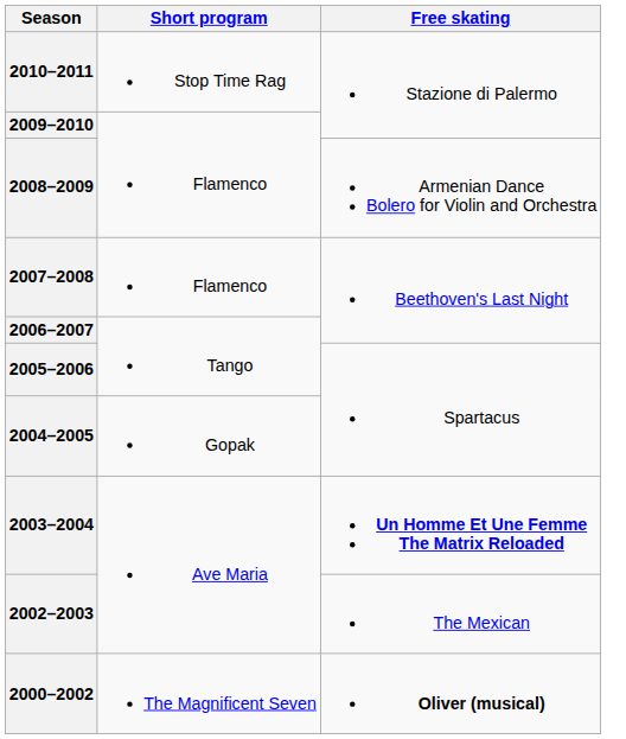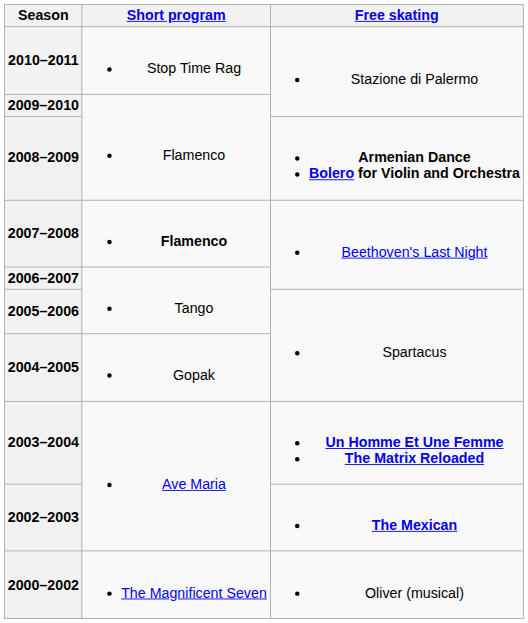 <table class=wikitable style=text-align:center>
 <tr>
 <th>Season</th>
 <th><a href='#'>Short program</a></th>
 <th><a href='#'>Free skating</a></th>
 </tr>
 <tr>
 <th>2010–2011 <br> </th>
 <td><br><ul><li>Stop Time Rag</li></ul></td>
 <td rowspan="2"><br><ul><li>Stazione di Palermo <br></li></ul></td>
 </tr>
 <tr>
 <th>2009–2010 <br> </th>
 <td rowspan="2"><br><ul><li>Flamenco <br></li></ul></td>
 </tr>
 <tr>
 <th>2008–2009 <br> </th>
-<td><br><ul><li>Armenian Dance</li><li><a href='#'>Bolero</a> for Violin and Orchestra <br></li></ul></td>
+<td><strong><br><ul><li>Armenian Dance</li><li><a href='#'>Bolero</a> for Violin and Orchestra <br></li></ul></strong></td>
 </tr>
 <tr>
 <th>2007–2008 <br> </th>
-<td><br><ul><li>Flamenco</li></ul></td>
+<td><strong><br><ul><li>Flamenco</li></ul></strong></td>
 <td rowspan="2"><br><ul><li><a href='#'>Beethoven's Last Night</a> <br></li></ul></td>
 </tr>
 <tr>
 <th>2006–2007 <br> </th>
 <td rowspan="2"><br><ul><li>Tango <br></li></ul></td>
 </tr>
 <tr>
 <th>2005–2006 <br> </th>
 <td rowspan="2"><br><ul><li>Spartacus <br></li></ul></td>
 </tr>
 <tr>
 <th>2004–2005 <br> </th>
 <td><br><ul><li>Gopak <br></li></ul></td>
 </tr>
 <tr>
 <th>2003–2004 <br> </th>
 <td rowspan="2"><br><ul><li><a href='#'>Ave Maria</a> <br></li></ul></td>
 <td><strong><br><ul><li><a href='#'>Un Homme Et Une Femme</a> <br></li><li><a href='#'>The Matrix Reloaded</a> <br></li></ul></strong></td>
 </tr>
 <tr>
 <th>2002–2003 <br> </th>
-<td><br><ul><li><a href='#'>The Mexican</a> <br></li></ul></td>
+<td><strong><br><ul><li><a href='#'>The Mexican</a> <br></li></ul></strong></td>
 </tr>
 <tr>
 <th>2000–2002 <br> </th>
 <td><br><ul><li><a href='#'>The Magnificent Seven</a> <br></li></ul></td>
-<td><strong><br><ul><li>Oliver (musical)</li></ul></strong></td>
+<td><br><ul><li>Oliver (musical)</li></ul></td>
 </tr>
 </table>
